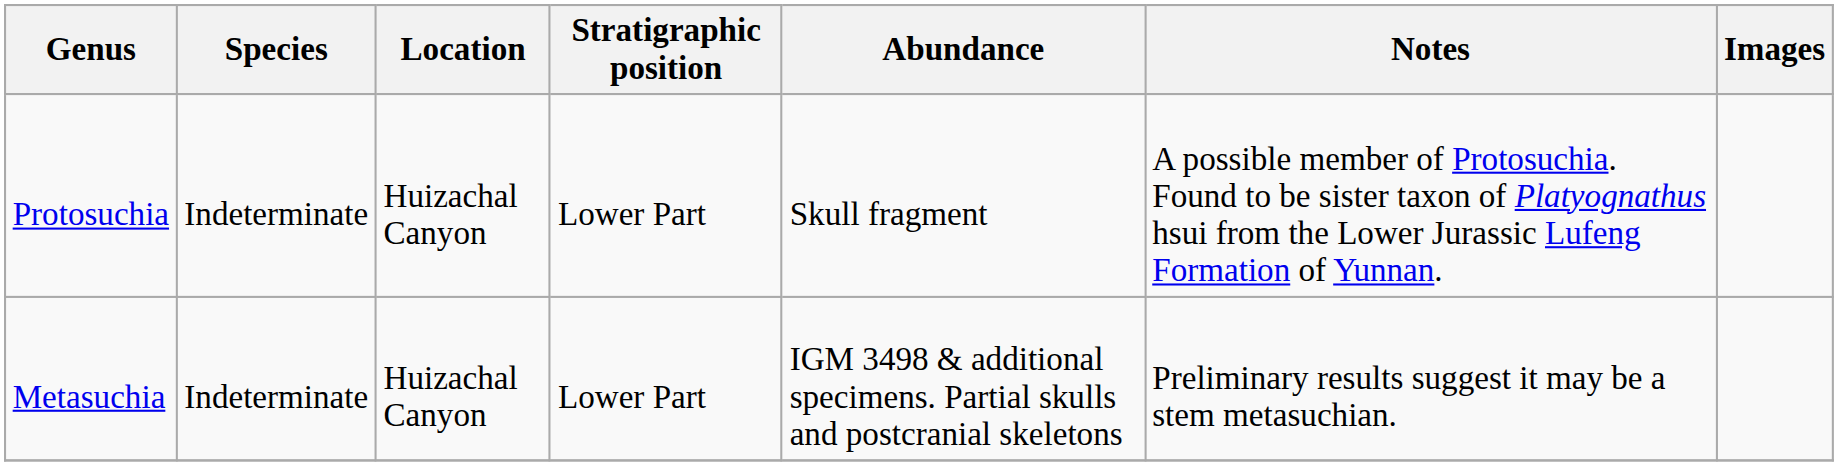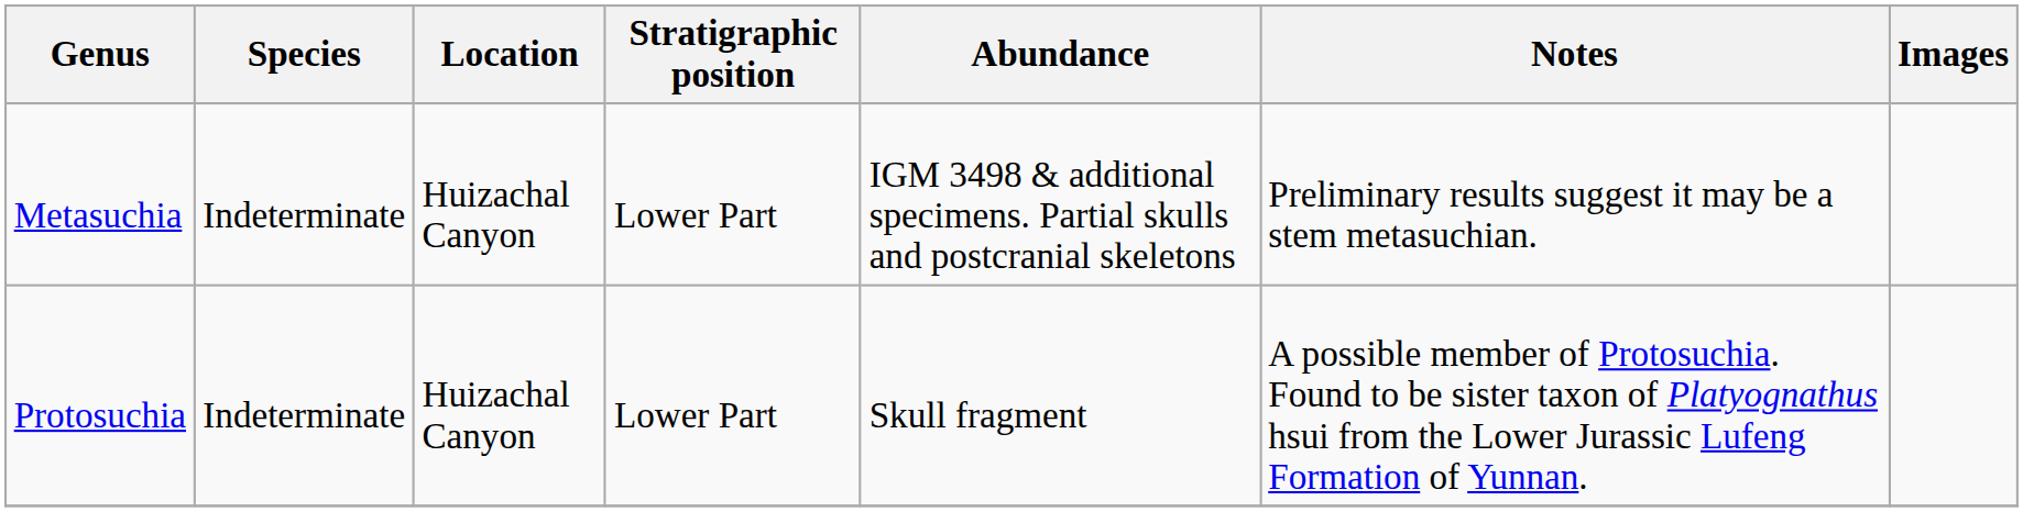 <table class="wikitable" align="center" width="100%">
 <tr>
 <th>Genus</th>
 <th>Species</th>
 <th>Location</th>
 <th>Stratigraphic position</th>
 <th>Abundance</th>
 <th>Notes</th>
 <th>Images</th>
 </tr>
 <tr>
+<td><br><a href='#'>Metasuchia</a></td>
+<td><br>Indeterminate</td>
+<td><br>Huizachal Canyon</td>
+<td><br>Lower Part</td>
+<td><br>IGM 3498 & additional specimens. Partial skulls and postcranial skeletons</td>
+<td><br>Preliminary results suggest it may be a stem metasuchian.</td>
+<td></td>
+</tr>
+<tr>
 <td><br><a href='#'>Protosuchia</a> </td>
 <td><br>Indeterminate</td>
 <td><br>Huizachal Canyon</td>
 <td><br>Lower Part</td>
 <td><br>Skull fragment</td>
 <td><br>A possible member of <a href='#'>Protosuchia</a>. Found to be sister taxon of <em><a href='#'>Platyognathus</a></em> hsui from the Lower Jurassic <a href='#'>Lufeng Formation</a> of <a href='#'>Yunnan</a>.</td>
 <td></td>
 </tr>
 <tr>
-<td><br><a href='#'>Metasuchia</a></td>
-<td><br>Indeterminate</td>
-<td><br>Huizachal Canyon</td>
-<td><br>Lower Part</td>
-<td><br>IGM 3498 & additional specimens. Partial skulls and postcranial skeletons</td>
-<td><br>Preliminary results suggest it may be a stem metasuchian.</td>
-<td></td>
-</tr>
-<tr>
 </tr>
 </table>
